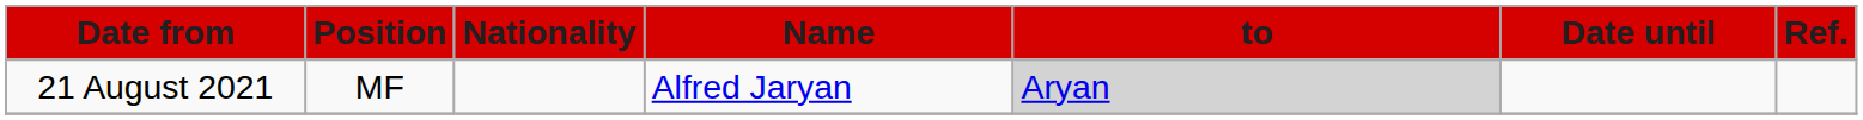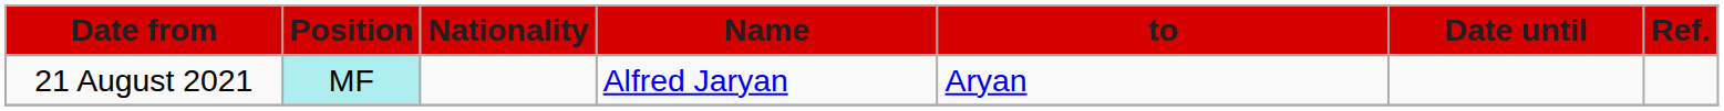 <table class="wikitable"  style="text-align:center; font-size:90%; ">
 <tr>
 <th style="background:#d50000; color:#231F20; width:120px;">Date from</th>
 <th style="background:#d50000; color:#231F20; width:50px;">Position</th>
 <th style="background:#d50000; color:#231F20; width:50px;">Nationality</th>
 <th style="background:#d50000; color:#231F20; width:150px;">Name</th>
 <th style="background:#d50000; color:#231F20; width:200px;">to</th>
 <th style="background:#d50000; color:#231F20; width:110px;">Date until</th>
 <th style="background:#d50000; color:#231F20; width:25px;">Ref.</th>
 </tr>
 <tr>
 <td>21 August 2021</td>
-<td style="text-align:center;">MF</td>
+<td style="background: paleturquoise; text-align:center;">MF</td>
 <td style="text-align:center;"></td>
 <td style="text-align:left;"><a href='#'>Alfred Jaryan</a></td>
-<td style="background: lightgrey; text-align:left;"> <a href='#'>Aryan</a></td>
+<td style="text-align:left;"> <a href='#'>Aryan</a></td>
 <td></td>
 <td></td>
 </tr>
 <tr>
 </tr>
 </table>
